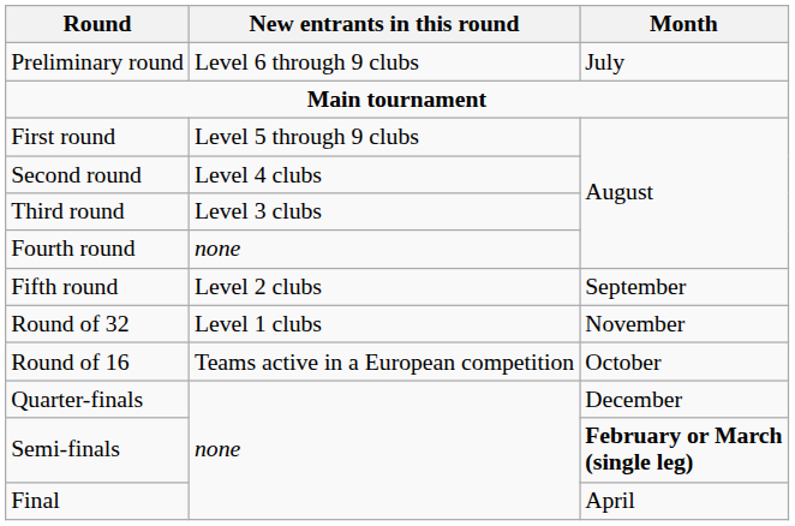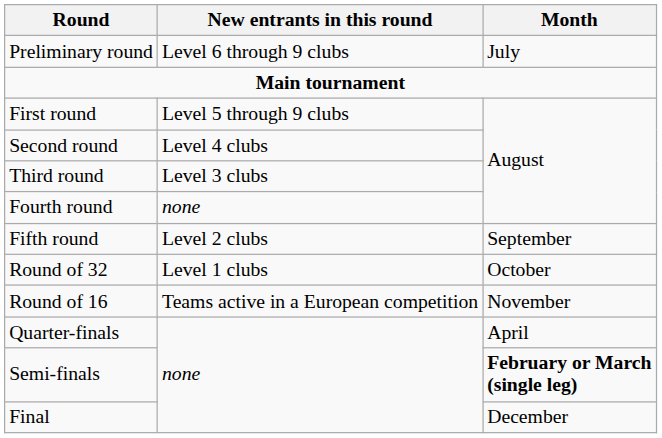 <table class="wikitable">
 <tr>
 <th>Round</th>
 <th>New entrants in this round</th>
 <th>Month</th>
 </tr>
 <tr>
 <td>Preliminary round</td>
 <td>Level 6 through 9 clubs</td>
 <td>July</td>
 </tr>
 <tr>
 <td align=center colspan="3"><strong>Main tournament</strong></td>
 </tr>
 <tr>
 <td>First round</td>
 <td>Level 5 through 9 clubs</td>
 <td rowspan="4">August</td>
 </tr>
 <tr>
 <td>Second round</td>
 <td>Level 4 clubs</td>
 </tr>
 <tr>
 <td>Third round</td>
 <td>Level 3 clubs</td>
 </tr>
 <tr>
 <td>Fourth round</td>
 <td><em>none</em></td>
 </tr>
 <tr>
 <td>Fifth round</td>
 <td>Level 2 clubs</td>
 <td>September</td>
 </tr>
 <tr>
 <td>Round of 32</td>
 <td>Level 1 clubs</td>
-<td>November</td>
+<td>October</td>
 </tr>
 <tr>
 <td>Round of 16</td>
 <td>Teams active in a European competition</td>
-<td>October</td>
+<td>November</td>
 </tr>
 <tr>
 <td>Quarter-finals</td>
 <td rowspan="3"><em>none</em></td>
-<td>December</td>
+<td>April</td>
 </tr>
 <tr>
 <td>Semi-finals</td>
 <td><strong>February or March<br>(single leg)</strong></td>
 </tr>
 <tr>
 <td>Final</td>
-<td>April</td>
+<td>December</td>
 </tr>
 </table>
